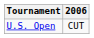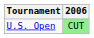 <table class="wikitable" style="font-size:95%;text-align:center;">
 <tr>
 <th>Tournament</th>
 <th>2006</th>
 </tr>
 <tr>
 <td align=left><a href='#'>U.S. Open</a></td>
-<td>CUT</td>
+<td style="background: lightgreen;">CUT</td>
 </tr>
 </table>
